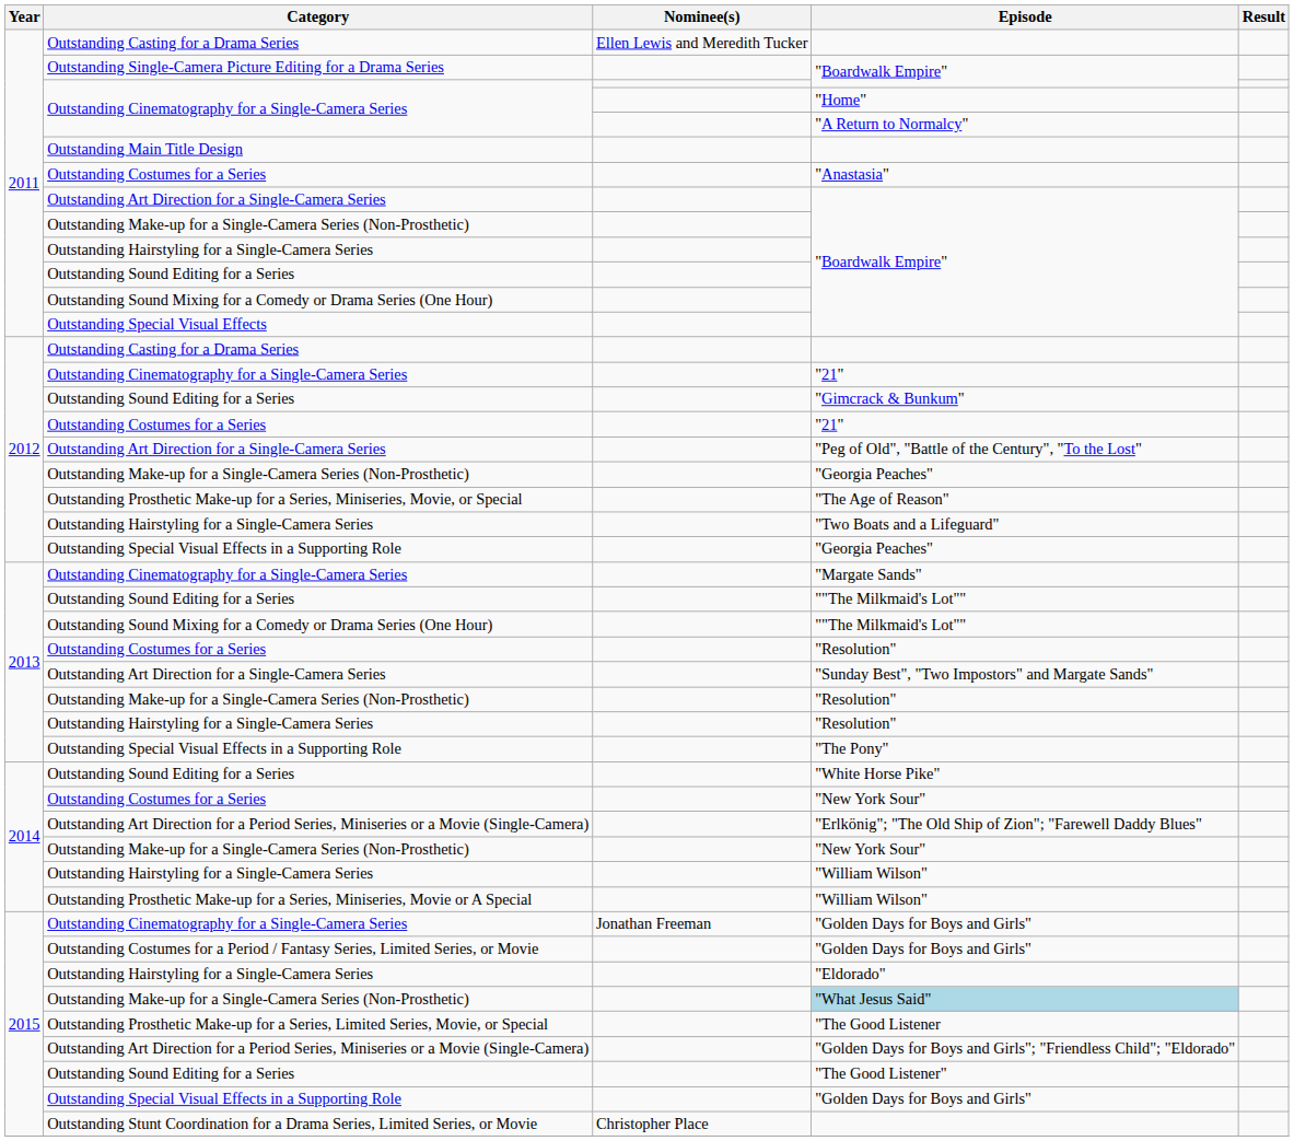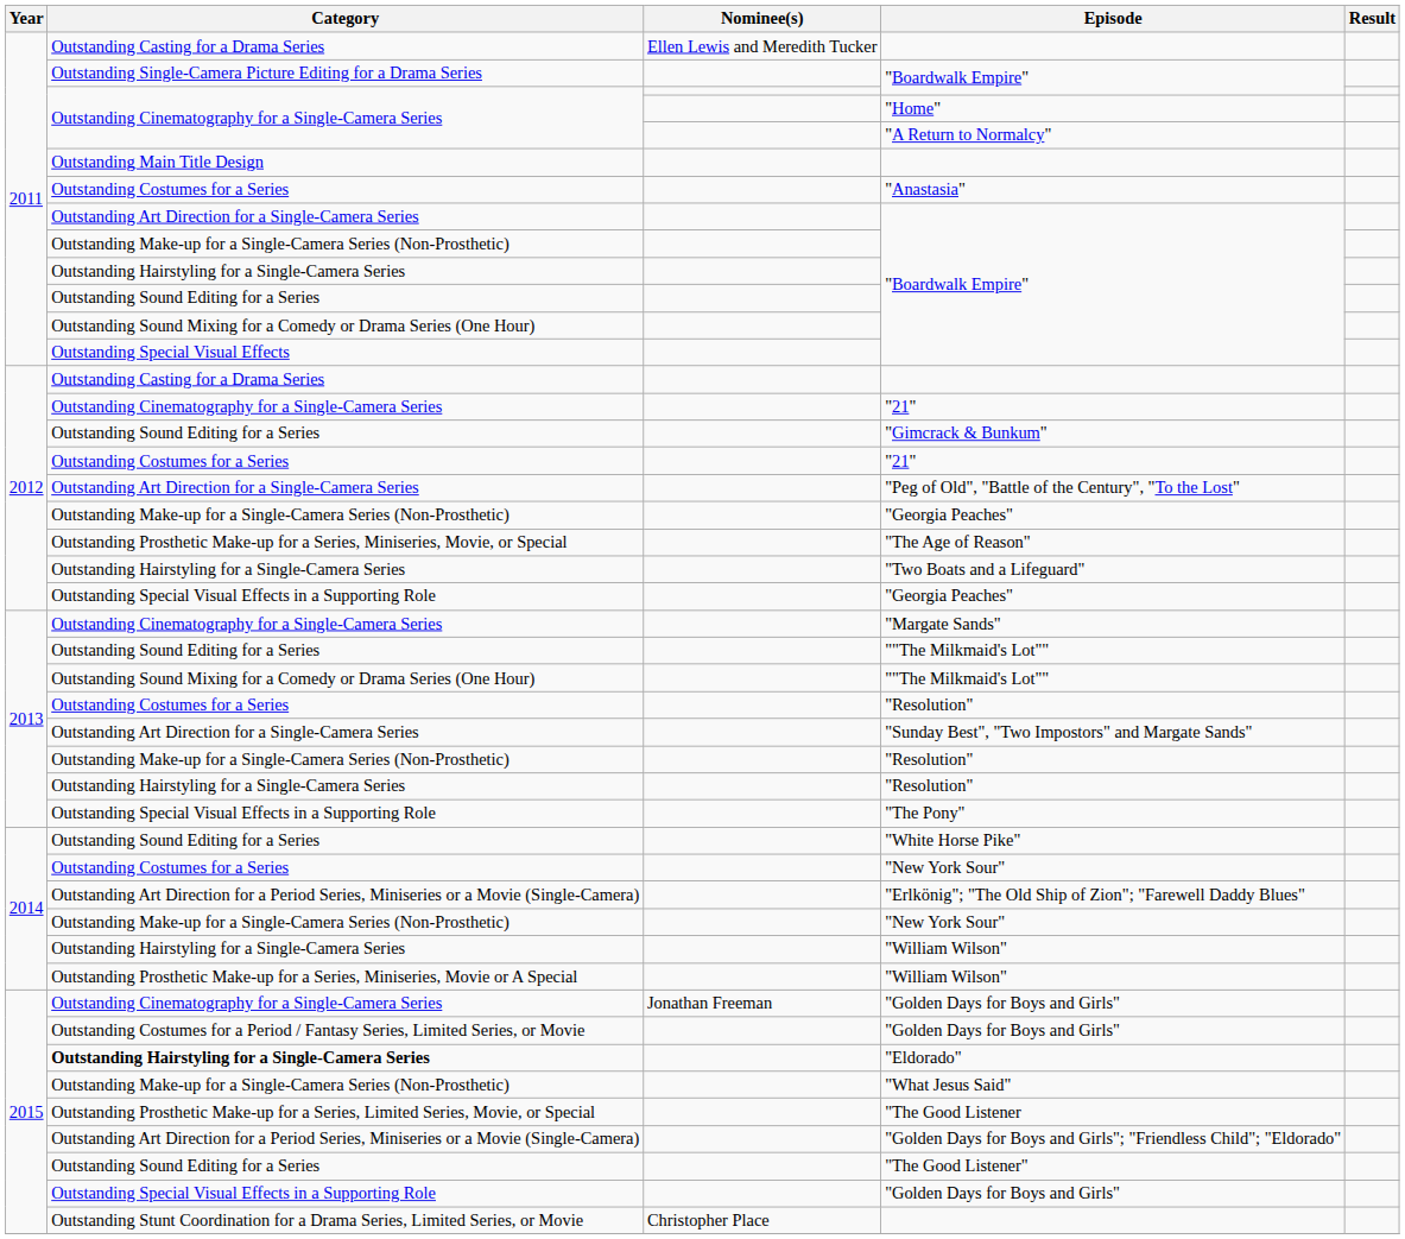 <table class="wikitable">
 <tr>
 <th>Year</th>
 <th>Category</th>
 <th>Nominee(s)</th>
 <th>Episode</th>
 <th>Result</th>
 </tr>
 <tr>
 <td rowspan=13><a href='#'>2011</a></td>
 <td><a href='#'>Outstanding Casting for a Drama Series</a></td>
 <td><a href='#'>Ellen Lewis</a> and Meredith Tucker</td>
 <td></td>
 <td></td>
 </tr>
 <tr>
 <td><a href='#'>Outstanding Single-Camera Picture Editing for a Drama Series</a></td>
 <td></td>
 <td rowspan=2>"<a href='#'>Boardwalk Empire</a>"</td>
 <td></td>
 </tr>
 <tr>
 <td rowspan=3><a href='#'>Outstanding Cinematography for a Single-Camera Series</a></td>
 <td></td>
 <td></td>
 </tr>
 <tr>
 <td></td>
 <td>"<a href='#'>Home</a>"</td>
 <td></td>
 </tr>
 <tr>
 <td></td>
 <td>"<a href='#'>A Return to Normalcy</a>"</td>
 <td></td>
 </tr>
 <tr>
 <td><a href='#'>Outstanding Main Title Design</a></td>
 <td></td>
 <td></td>
 <td></td>
 </tr>
 <tr>
 <td><a href='#'>Outstanding Costumes for a Series</a></td>
 <td></td>
 <td>"<a href='#'>Anastasia</a>"</td>
 <td></td>
 </tr>
 <tr>
 <td><a href='#'>Outstanding Art Direction for a Single-Camera Series</a></td>
 <td></td>
 <td rowspan=6>"<a href='#'>Boardwalk Empire</a>"</td>
 <td></td>
 </tr>
 <tr>
 <td>Outstanding Make-up for a Single-Camera Series (Non-Prosthetic)</td>
 <td></td>
 <td></td>
 </tr>
 <tr>
 <td>Outstanding Hairstyling for a Single-Camera Series</td>
 <td></td>
 <td></td>
 </tr>
 <tr>
 <td>Outstanding Sound Editing for a Series</td>
 <td></td>
 <td></td>
 </tr>
 <tr>
 <td>Outstanding Sound Mixing for a Comedy or Drama Series (One Hour)</td>
 <td></td>
 <td></td>
 </tr>
 <tr>
 <td><a href='#'>Outstanding Special Visual Effects</a></td>
 <td></td>
 <td></td>
 </tr>
 <tr>
 <td rowspan=9><a href='#'>2012</a></td>
 <td><a href='#'>Outstanding Casting for a Drama Series</a></td>
 <td></td>
 <td></td>
 <td></td>
 </tr>
 <tr>
 <td><a href='#'>Outstanding Cinematography for a Single-Camera Series</a></td>
 <td></td>
 <td>"<a href='#'>21</a>"</td>
 <td></td>
 </tr>
 <tr>
 <td>Outstanding Sound Editing for a Series</td>
 <td></td>
 <td>"<a href='#'>Gimcrack & Bunkum</a>"</td>
 <td></td>
 </tr>
 <tr>
 <td><a href='#'>Outstanding Costumes for a Series</a></td>
 <td></td>
 <td>"<a href='#'>21</a>"</td>
 <td></td>
 </tr>
 <tr>
 <td><a href='#'>Outstanding Art Direction for a Single-Camera Series</a></td>
 <td></td>
 <td>"Peg of Old", "Battle of the Century", "<a href='#'>To the Lost</a>"</td>
 <td></td>
 </tr>
 <tr>
 <td>Outstanding Make-up for a Single-Camera Series (Non-Prosthetic)</td>
 <td></td>
 <td>"Georgia Peaches"</td>
 <td></td>
 </tr>
 <tr>
 <td>Outstanding Prosthetic Make-up for a Series, Miniseries, Movie, or Special</td>
 <td></td>
 <td>"The Age of Reason"</td>
 <td></td>
 </tr>
 <tr>
 <td>Outstanding Hairstyling for a Single-Camera Series</td>
 <td></td>
 <td>"Two Boats and a Lifeguard"</td>
 <td></td>
 </tr>
 <tr>
 <td>Outstanding Special Visual Effects in a Supporting Role</td>
 <td></td>
 <td>"Georgia Peaches"</td>
 <td></td>
 </tr>
 <tr>
 <td rowspan=8><a href='#'>2013</a></td>
 <td><a href='#'>Outstanding Cinematography for a Single-Camera Series</a></td>
 <td></td>
 <td>"Margate Sands"</td>
 <td></td>
 </tr>
 <tr>
 <td>Outstanding Sound Editing for a Series</td>
 <td></td>
 <td>""The Milkmaid's Lot""</td>
 <td></td>
 </tr>
 <tr>
 <td>Outstanding Sound Mixing for a Comedy or Drama Series (One Hour)</td>
 <td></td>
 <td>""The Milkmaid's Lot""</td>
 <td></td>
 </tr>
 <tr>
 <td><a href='#'>Outstanding Costumes for a Series</a></td>
 <td></td>
 <td>"Resolution"</td>
 <td></td>
 </tr>
 <tr>
 <td>Outstanding Art Direction for a Single-Camera Series</td>
 <td></td>
 <td>"Sunday Best", "Two Impostors" and Margate Sands"</td>
 <td></td>
 </tr>
 <tr>
 <td>Outstanding Make-up for a Single-Camera Series (Non-Prosthetic)</td>
 <td></td>
 <td>"Resolution"</td>
 <td></td>
 </tr>
 <tr>
 <td>Outstanding Hairstyling for a Single-Camera Series</td>
 <td></td>
 <td>"Resolution"</td>
 <td></td>
 </tr>
 <tr>
 <td>Outstanding Special Visual Effects in a Supporting Role</td>
 <td></td>
 <td>"The Pony"</td>
 <td></td>
 </tr>
 <tr>
 <td rowspan=6><a href='#'>2014</a></td>
 <td>Outstanding Sound Editing for a Series</td>
 <td></td>
 <td>"White Horse Pike"</td>
 <td></td>
 </tr>
 <tr>
 <td><a href='#'>Outstanding Costumes for a Series</a></td>
 <td></td>
 <td>"New York Sour"</td>
 <td></td>
 </tr>
 <tr>
 <td>Outstanding Art Direction for a Period Series, Miniseries or a Movie (Single-Camera)</td>
 <td></td>
 <td>"Erlkönig"; "The Old Ship of Zion"; "Farewell Daddy Blues"</td>
 <td></td>
 </tr>
 <tr>
 <td>Outstanding Make-up for a Single-Camera Series (Non-Prosthetic)</td>
 <td></td>
 <td>"New York Sour"</td>
 <td></td>
 </tr>
 <tr>
 <td>Outstanding Hairstyling for a Single-Camera Series</td>
 <td></td>
 <td>"William Wilson"</td>
 <td></td>
 </tr>
 <tr>
 <td>Outstanding Prosthetic Make-up for a Series, Miniseries, Movie or A Special</td>
 <td></td>
 <td>"William Wilson"</td>
 <td></td>
 </tr>
 <tr>
 <td rowspan=9><a href='#'>2015</a></td>
 <td><a href='#'>Outstanding Cinematography for a Single-Camera Series</a></td>
 <td>Jonathan Freeman</td>
 <td>"Golden Days for Boys and Girls"</td>
 <td></td>
 </tr>
 <tr>
 <td>Outstanding Costumes for a Period / Fantasy Series, Limited Series, or Movie</td>
 <td></td>
 <td>"Golden Days for Boys and Girls"</td>
 <td></td>
 </tr>
 <tr>
-<td>Outstanding Hairstyling for a Single-Camera Series</td>
+<td><strong>Outstanding Hairstyling for a Single-Camera Series</strong></td>
 <td></td>
 <td>"Eldorado"</td>
 <td></td>
 </tr>
 <tr>
 <td>Outstanding Make-up for a Single-Camera Series (Non-Prosthetic)</td>
 <td></td>
-<td style="background: lightblue;">"What Jesus Said"</td>
+<td>"What Jesus Said"</td>
 <td></td>
 </tr>
 <tr>
 <td>Outstanding Prosthetic Make-up for a Series, Limited Series, Movie, or Special</td>
 <td></td>
 <td>"The Good Listener</td>
 <td></td>
 </tr>
 <tr>
 <td>Outstanding Art Direction for a Period Series, Miniseries or a Movie (Single-Camera)</td>
 <td></td>
 <td>"Golden Days for Boys and Girls"; "Friendless Child"; "Eldorado"</td>
 <td></td>
 </tr>
 <tr>
 <td>Outstanding Sound Editing for a Series</td>
 <td></td>
 <td>"The Good Listener"</td>
 <td></td>
 </tr>
 <tr>
 <td><a href='#'>Outstanding Special Visual Effects in a Supporting Role</a></td>
 <td></td>
 <td>"Golden Days for Boys and Girls"</td>
 <td></td>
 </tr>
 <tr>
 <td>Outstanding Stunt Coordination for a Drama Series, Limited Series, or Movie</td>
 <td>Christopher Place</td>
 <td></td>
 <td></td>
 </tr>
 <tr>
 </tr>
 </table>
